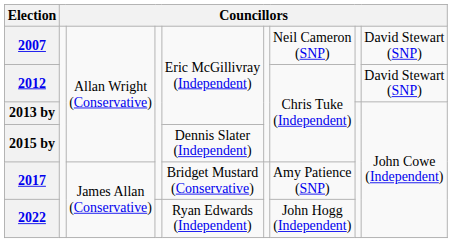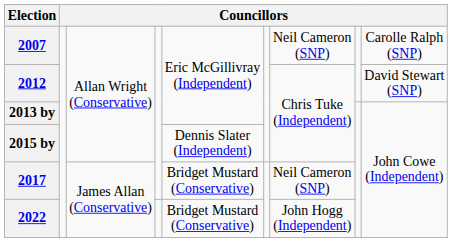 <table class="wikitable" style="text-align:center">
 <tr>
 <th>Election</th>
 <th colspan=8>Councillors</th>
 </tr>
 <tr>
 <th><a href='#'>2007</a></th>
 <td rowspan=6; style="background-color: "></td>
 <td rowspan=4>Allan Wright<br>(<a href='#'>Conservative</a>)</td>
 <td rowspan=5; style="background-color: "></td>
 <td rowspan=3>Eric McGillivray<br>(<a href='#'>Independent</a>)</td>
 <td rowspan=4; style="background-color: "></td>
 <td rowspan=1>Neil Cameron<br>(<a href='#'>SNP</a>)</td>
 <td rowspan=2; style="background-color: "></td>
-<td rowspan=1>David Stewart<br>(<a href='#'>SNP</a>)</td>
+<td rowspan=1>Carolle Ralph<br>(<a href='#'>SNP</a>)</td>
 </tr>
 <tr>
 <th><a href='#'>2012</a></th>
 <td rowspan=3>Chris Tuke<br>(<a href='#'>Independent</a>)</td>
 <td rowspan=1>David Stewart<br>(<a href='#'>SNP</a>)</td>
 </tr>
 <tr>
 <th>2013 by</th>
 <td rowspan=4; style="background-color: "></td>
 <td rowspan=4>John Cowe<br>(<a href='#'>Independent</a>)</td>
 </tr>
 <tr>
 <th>2015 by</th>
 <td rowspan=1>Dennis Slater<br>(<a href='#'>Independent</a>)</td>
 </tr>
 <tr>
 <th><a href='#'>2017</a></th>
 <td rowspan=2>James Allan<br>(<a href='#'>Conservative</a>)</td>
 <td rowspan=1>Bridget Mustard<br>(<a href='#'>Conservative</a>)</td>
 <td rowspan=2; style="background-color: "></td>
-<td rowspan=1>Amy Patience<br>(<a href='#'>SNP</a>)</td>
+<td rowspan=1>Neil Cameron<br>(<a href='#'>SNP</a>)</td>
 </tr>
 <tr>
 <th><a href='#'>2022</a></th>
 <td rowspan=1; style="background-color: "></td>
-<td rowspan=1>Ryan Edwards<br>(<a href='#'>Independent</a>)</td>
+<td rowspan=1>Bridget Mustard<br>(<a href='#'>Conservative</a>)</td>
 <td rowspan=1>John Hogg<br>(<a href='#'>Independent</a>)</td>
 </tr>
 </table>
